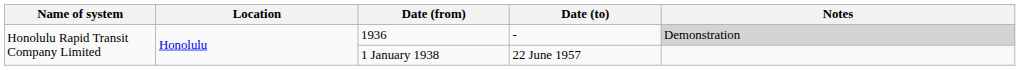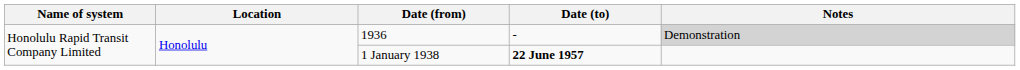 <table class="wikitable" width=100%>
 <tr>
 <th width=15%>Name of system</th>
 <th width=20%>Location</th>
 <th width=15%>Date (from)</th>
 <th width=15%>Date (to)</th>
 <th width=35%>Notes</th>
 </tr>
 <tr>
 <td rowspan="2">Honolulu Rapid Transit Company Limited</td>
 <td rowspan="2"><a href='#'>Honolulu</a></td>
 <td>1936</td>
 <td>-</td>
 <td style="background: lightgrey;">Demonstration</td>
 </tr>
 <tr>
 <td>1 January 1938</td>
-<td>22 June 1957</td>
+<td><strong>22 June 1957</strong></td>
 <td> </td>
 </tr>
 </table>
